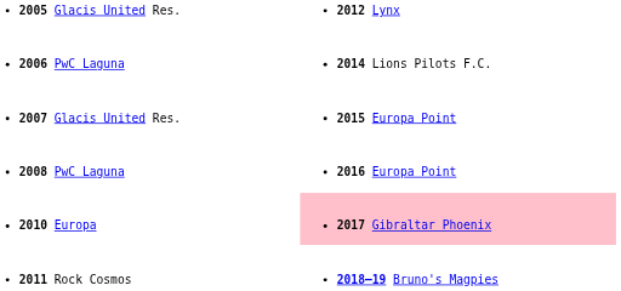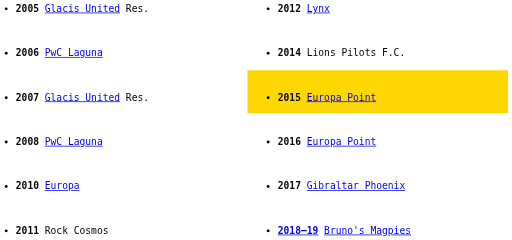 <table>
 <tr>
 <td width="350px"><br><ul><li><strong>2005</strong> <a href='#'>Glacis United</a> Res.</li></ul></td>
 <td width="350px"><br><ul><li><strong>2012</strong> <a href='#'>Lynx</a></li></ul></td>
 </tr>
 <tr>
 <td><br><ul><li><strong>2006</strong> <a href='#'>PwC Laguna</a></li></ul></td>
 <td><br><ul><li><strong>2014</strong> Lions Pilots F.C.</li></ul></td>
 </tr>
 <tr>
 <td><br><ul><li><strong>2007</strong> <a href='#'>Glacis United</a> Res.</li></ul></td>
-<td><br><ul><li><strong>2015</strong> <a href='#'>Europa Point</a></li></ul></td>
+<td style="background: gold;"><br><ul><li><strong>2015</strong> <a href='#'>Europa Point</a></li></ul></td>
 </tr>
 <tr>
 <td><br><ul><li><strong>2008</strong> <a href='#'>PwC Laguna</a></li></ul></td>
 <td><br><ul><li><strong>2016</strong> <a href='#'>Europa Point</a></li></ul></td>
 </tr>
 <tr>
 <td><br><ul><li><strong>2010</strong> <a href='#'>Europa</a></li></ul></td>
-<td style="background: pink;"><br><ul><li><strong>2017</strong> <a href='#'>Gibraltar Phoenix</a></li></ul></td>
+<td><br><ul><li><strong>2017</strong> <a href='#'>Gibraltar Phoenix</a></li></ul></td>
 </tr>
 <tr>
 <td><br><ul><li><strong>2011</strong> Rock Cosmos</li></ul></td>
 <td><br><ul><li><strong><a href='#'>2018–19</a></strong> <a href='#'>Bruno's Magpies</a></li></ul></td>
 </tr>
 </table>
